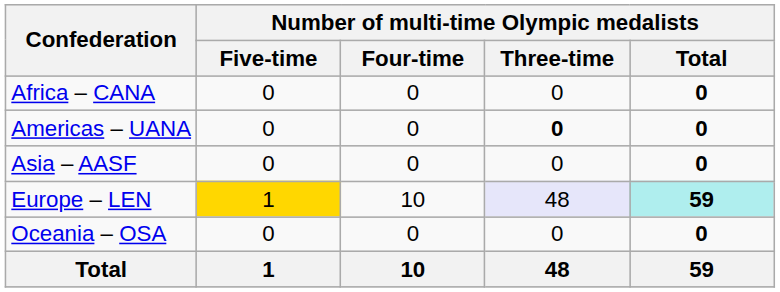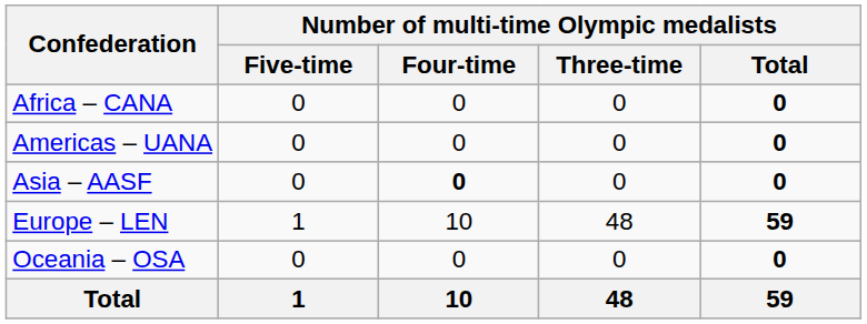 <table class="wikitable sortable" style="text-align: center; font-size: 90%; margin-left: 1em;">
 <tr>
 <th rowspan="2">Confederation</th>
 <th colspan="4">Number of multi-time Olympic medalists</th>
 </tr>
 <tr>
 <th style="width: 6em;">Five-time</th>
 <th style="width: 6em;">Four-time</th>
 <th style="width: 6em;">Three-time</th>
 <th style="width: 6em;">Total</th>
 </tr>
 <tr>
 <td style="text-align: left;"><a href='#'>Africa</a> – <a href='#'>CANA</a></td>
 <td>0</td>
 <td>0</td>
 <td>0</td>
 <td><strong>0</strong></td>
 </tr>
 <tr>
 <td style="text-align: left;"><a href='#'>Americas</a> – <a href='#'>UANA</a></td>
 <td>0</td>
 <td>0</td>
-<td><strong>0</strong></td>
+<td>0</td>
 <td><strong>0</strong></td>
 </tr>
 <tr>
 <td style="text-align: left;"><a href='#'>Asia</a> – <a href='#'>AASF</a></td>
 <td>0</td>
-<td>0</td>
+<td><strong>0</strong></td>
 <td>0</td>
 <td><strong>0</strong></td>
 </tr>
 <tr>
 <td style="text-align: left;"><a href='#'>Europe</a> – <a href='#'>LEN</a></td>
-<td style="background: gold;">1</td>
+<td>1</td>
 <td>10</td>
-<td style="background: lavender;">48</td>
-<td style="background: paleturquoise;"><strong>59</strong></td>
+<td>48</td>
+<td><strong>59</strong></td>
 </tr>
 <tr>
 <td style="text-align: left;"><a href='#'>Oceania</a> – <a href='#'>OSA</a></td>
 <td>0</td>
 <td>0</td>
 <td>0</td>
 <td><strong>0</strong></td>
 </tr>
 <tr>
 <th>Total</th>
 <th>1</th>
 <th>10</th>
 <th>48</th>
 <th>59</th>
 </tr>
 </table>
